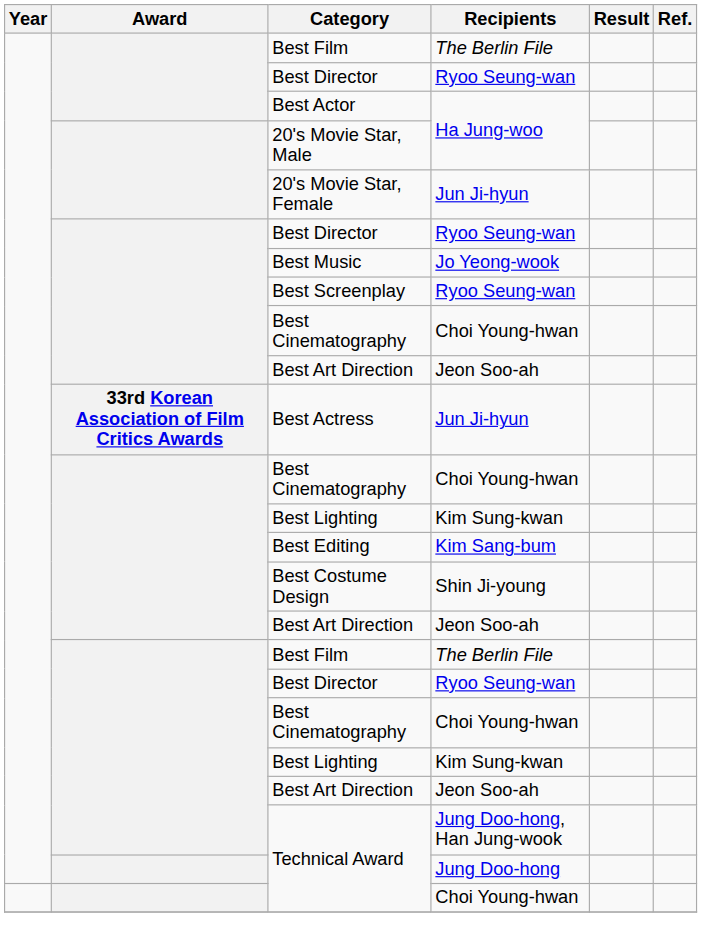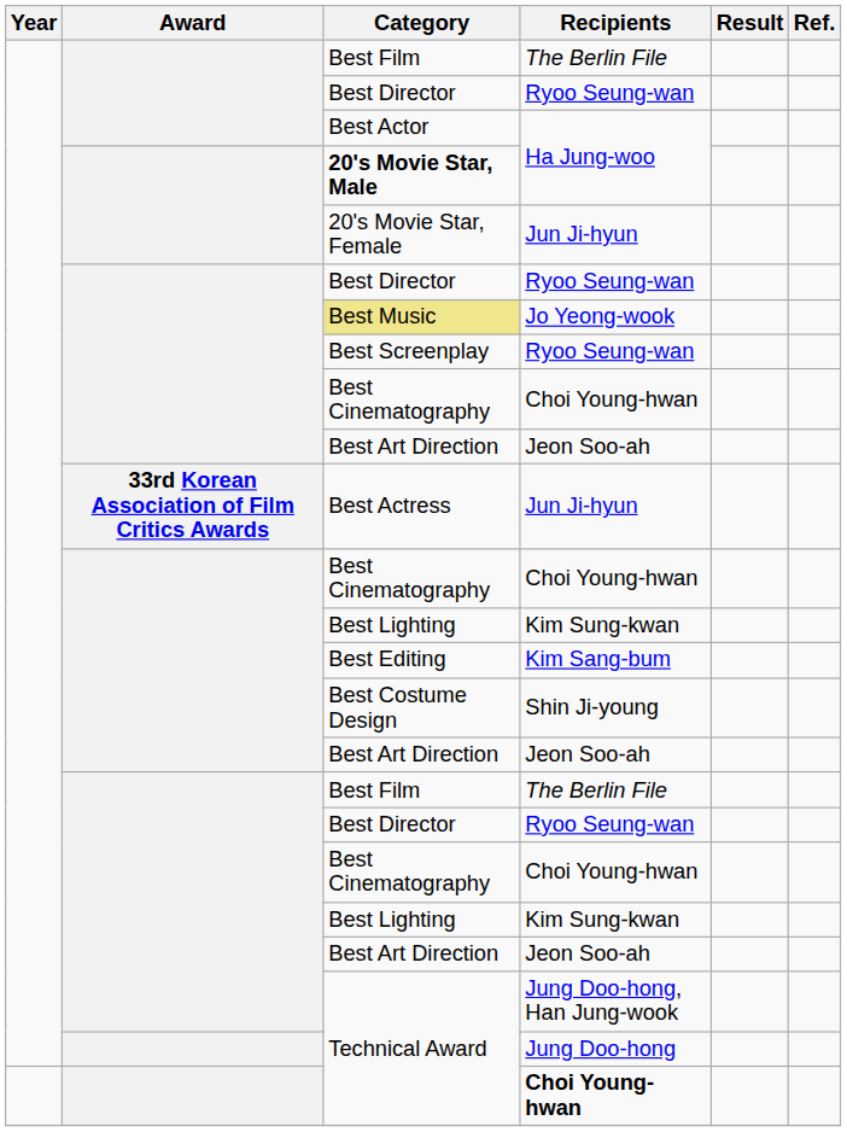 <table class="wikitable plainrowheaders sortable">
 <tr>
 <th>Year</th>
 <th scope="col">Award</th>
 <th scope="col">Category</th>
 <th scope="col">Recipients</th>
 <th scope="col">Result</th>
 <th scope="col">Ref.</th>
 </tr>
 <tr>
 <td rowspan="23"></td>
 <th rowspan="3" scope="row"></th>
 <td>Best Film</td>
 <td><em>The Berlin File</em></td>
 <td></td>
 <td></td>
 </tr>
 <tr>
 <td>Best Director</td>
 <td><a href='#'>Ryoo Seung-wan</a></td>
 <td></td>
 <td></td>
 </tr>
 <tr>
 <td>Best Actor</td>
 <td rowspan="2"><a href='#'>Ha Jung-woo</a></td>
 <td></td>
 <td></td>
 </tr>
 <tr>
 <th rowspan="2" scope="row"></th>
-<td>20's Movie Star, Male</td>
+<td><strong>20's Movie Star, Male</strong></td>
 <td></td>
 <td></td>
 </tr>
 <tr>
 <td>20's Movie Star, Female</td>
 <td><a href='#'>Jun Ji-hyun</a></td>
 <td></td>
 <td></td>
 </tr>
 <tr>
 <th rowspan="5" scope="row"></th>
 <td>Best Director</td>
 <td><a href='#'>Ryoo Seung-wan</a></td>
 <td></td>
 <td></td>
 </tr>
 <tr>
-<td>Best Music</td>
+<td style="background: khaki;">Best Music</td>
 <td><a href='#'>Jo Yeong-wook</a></td>
 <td></td>
 <td></td>
 </tr>
 <tr>
 <td>Best Screenplay</td>
 <td><a href='#'>Ryoo Seung-wan</a></td>
 <td></td>
 <td></td>
 </tr>
 <tr>
 <td>Best Cinematography</td>
 <td>Choi Young-hwan</td>
 <td></td>
 <td></td>
 </tr>
 <tr>
 <td>Best Art Direction</td>
 <td>Jeon Soo-ah</td>
 <td></td>
 <td></td>
 </tr>
 <tr>
 <th scope="row">33rd <a href='#'>Korean Association of Film Critics Awards</a></th>
 <td>Best Actress</td>
 <td><a href='#'>Jun Ji-hyun</a></td>
 <td></td>
 <td></td>
 </tr>
 <tr>
 <th rowspan="5" scope="row"></th>
 <td>Best Cinematography</td>
 <td>Choi Young-hwan</td>
 <td></td>
 <td></td>
 </tr>
 <tr>
 <td>Best Lighting</td>
 <td>Kim Sung-kwan</td>
 <td></td>
 <td></td>
 </tr>
 <tr>
 <td>Best Editing</td>
 <td><a href='#'>Kim Sang-bum</a></td>
 <td></td>
 <td></td>
 </tr>
 <tr>
 <td>Best Costume Design</td>
 <td>Shin Ji-young</td>
 <td></td>
 <td></td>
 </tr>
 <tr>
 <td>Best Art Direction</td>
 <td>Jeon Soo-ah</td>
 <td></td>
 <td></td>
 </tr>
 <tr>
 <th rowspan="6" scope="row"></th>
 <td>Best Film</td>
 <td><em>The Berlin File</em></td>
 <td></td>
 <td></td>
 </tr>
 <tr>
 <td>Best Director</td>
 <td><a href='#'>Ryoo Seung-wan</a></td>
 <td></td>
 <td></td>
 </tr>
 <tr>
 <td>Best Cinematography</td>
 <td>Choi Young-hwan</td>
 <td></td>
 <td></td>
 </tr>
 <tr>
 <td>Best Lighting</td>
 <td>Kim Sung-kwan</td>
 <td></td>
 <td></td>
 </tr>
 <tr>
 <td>Best Art Direction</td>
 <td>Jeon Soo-ah</td>
 <td></td>
 <td></td>
 </tr>
 <tr>
 <td rowspan="3">Technical Award</td>
 <td><a href='#'>Jung Doo-hong</a>, Han Jung-wook</td>
 <td></td>
 <td></td>
 </tr>
 <tr>
 <th scope="row"></th>
 <td><a href='#'>Jung Doo-hong</a></td>
 <td></td>
 <td></td>
 </tr>
 <tr>
 <td></td>
 <th scope="row"></th>
-<td>Choi Young-hwan</td>
+<td><strong>Choi Young-hwan</strong></td>
 <td></td>
 <td></td>
 </tr>
 <tr>
 </tr>
 </table>
